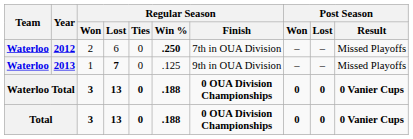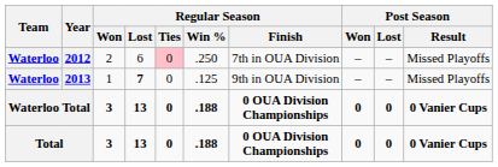 <table class="wikitable" style="font-size: 95%; text-align:center;">
 <tr>
 <th rowspan="2">Team</th>
 <th rowspan="2">Year</th>
 <th colspan="5">Regular Season</th>
 <th colspan="4">Post Season</th>
 </tr>
 <tr>
 <th>Won</th>
 <th>Lost</th>
 <th>Ties</th>
 <th>Win %</th>
 <th>Finish</th>
 <th>Won</th>
 <th>Lost</th>
 <th>Result</th>
 </tr>
 <tr>
 <th><a href='#'>Waterloo</a></th>
 <th><a href='#'>2012</a></th>
 <td>2</td>
 <td>6</td>
-<td>0</td>
-<td><strong>.250</strong></td>
+<td style="background: pink;">0</td>
+<td>.250</td>
 <td>7th in OUA Division</td>
 <td>–</td>
 <td>–</td>
 <td>Missed Playoffs</td>
 </tr>
 <tr>
 <th><a href='#'>Waterloo</a></th>
 <th><a href='#'>2013</a></th>
 <td>1</td>
 <td><strong>7</strong></td>
 <td>0</td>
 <td>.125</td>
 <td>9th in OUA Division</td>
 <td>–</td>
 <td>–</td>
 <td>Missed Playoffs</td>
 </tr>
 <tr>
 <th colspan="2"><strong>Waterloo Total</strong></th>
 <td><strong>3</strong></td>
 <td><strong>13</strong></td>
 <td><strong>0</strong></td>
 <td><strong>.188</strong></td>
 <td><strong>0 OUA Division<br>Championships</strong></td>
 <td><strong>0</strong></td>
 <td><strong>0</strong></td>
 <td><strong>0 Vanier Cups</strong></td>
 </tr>
 <tr>
 <th colspan="2"><strong>Total</strong></th>
 <td><strong>3</strong></td>
 <td><strong>13</strong></td>
 <td><strong>0</strong></td>
 <td><strong>.188</strong></td>
 <td><strong>0 OUA Division<br>Championships</strong></td>
 <td><strong>0</strong></td>
 <td><strong>0</strong></td>
 <td><strong>0 Vanier Cups</strong></td>
 </tr>
 </table>
